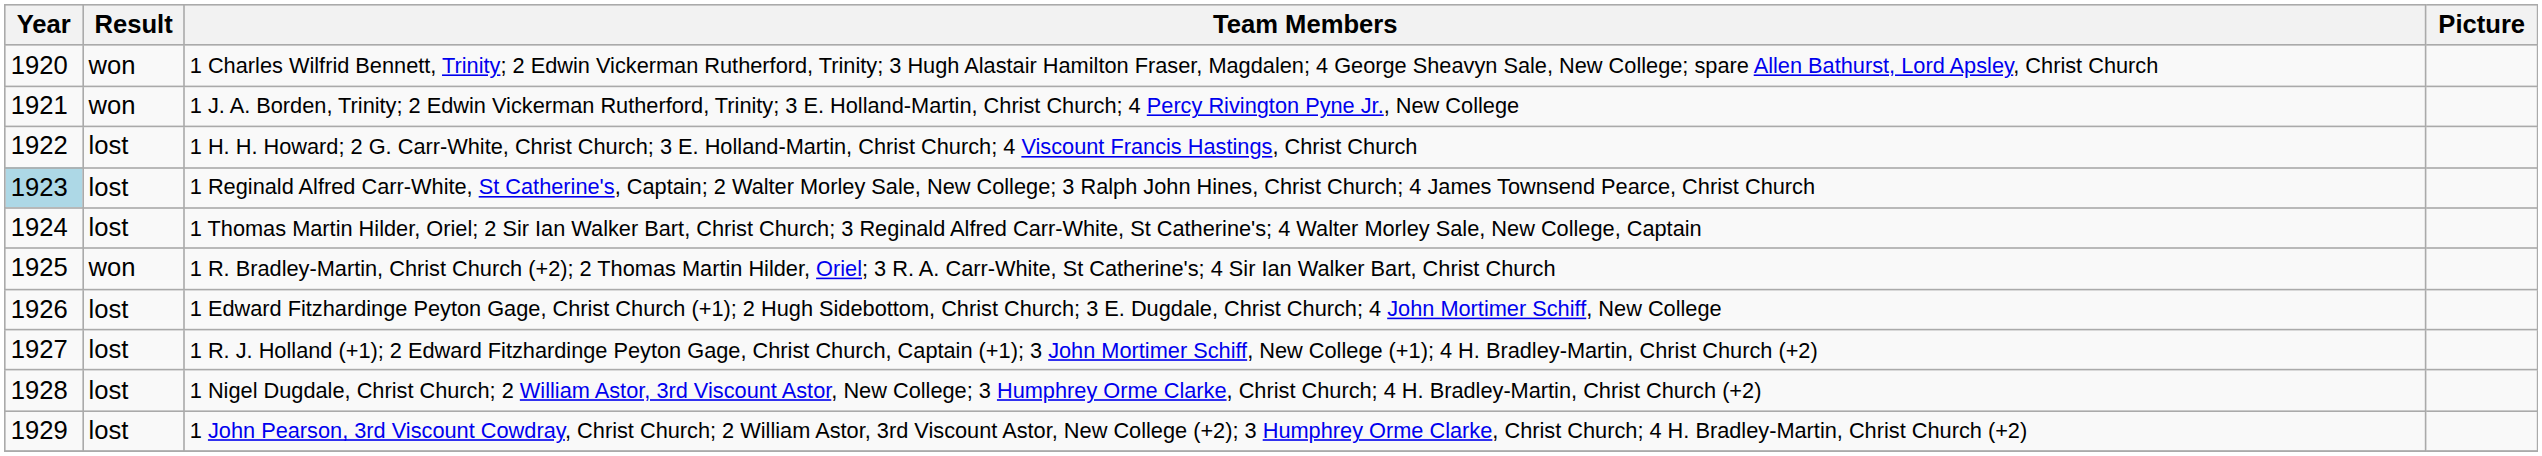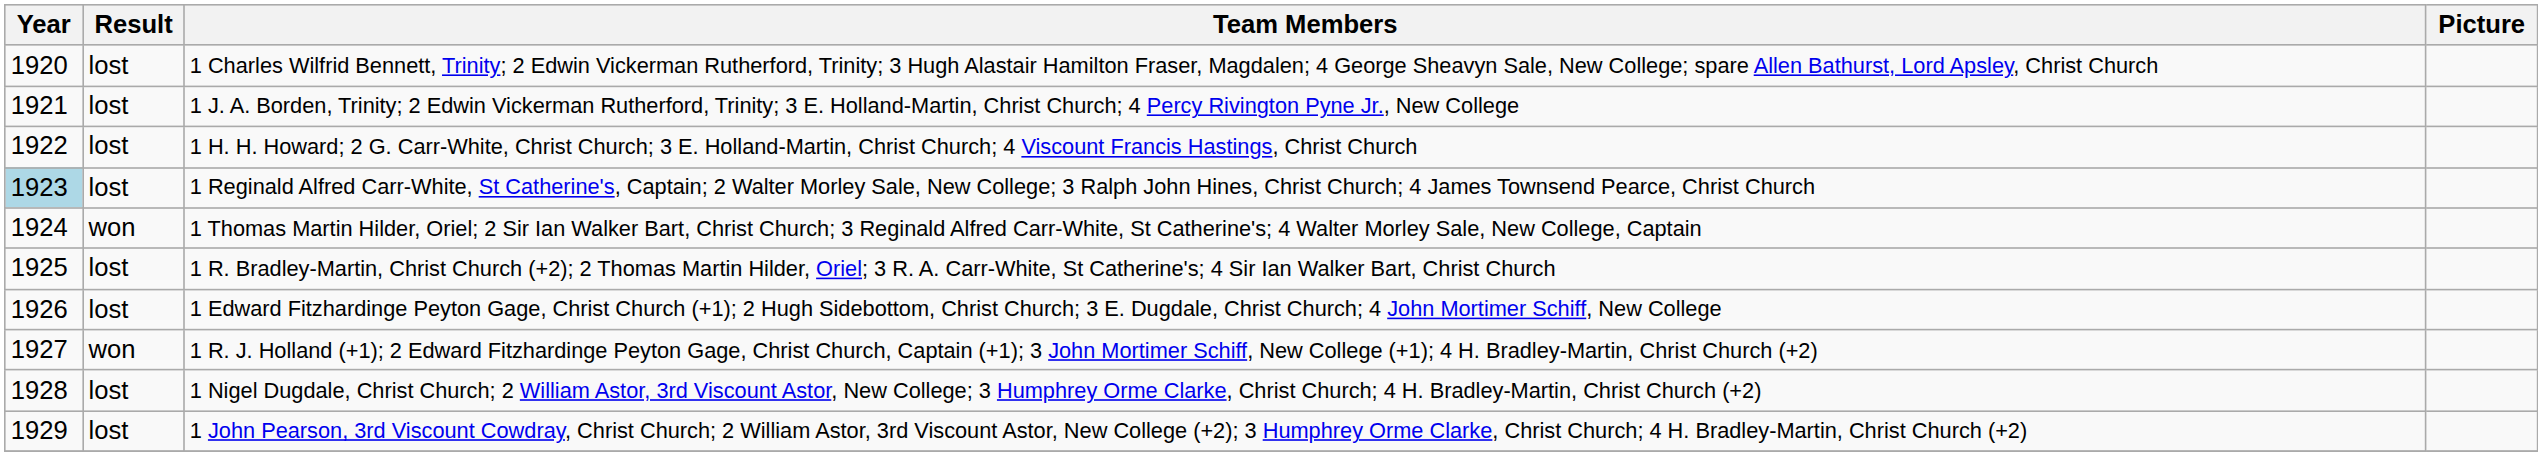 <table class="wikitable" width="100%">
 <tr>
 <th>Year</th>
 <th>Result</th>
 <th>Team Members</th>
 <th>Picture</th>
 </tr>
 <tr>
 <td>1920</td>
-<td>won</td>
+<td>lost</td>
 <td style="font-size:85%">1 Charles Wilfrid Bennett, <a href='#'>Trinity</a>; 2 Edwin Vickerman Rutherford, Trinity; 3 Hugh Alastair Hamilton Fraser, Magdalen; 4 George Sheavyn Sale, New College; spare <a href='#'>Allen Bathurst, Lord Apsley</a>, Christ Church</td>
 <td></td>
 </tr>
 <tr>
 <td>1921</td>
-<td>won</td>
+<td>lost</td>
 <td style="font-size:85%">1 J. A. Borden, Trinity; 2 Edwin Vickerman Rutherford, Trinity; 3 E. Holland-Martin, Christ Church; 4 <a href='#'>Percy Rivington Pyne Jr.</a>, New College</td>
 <td></td>
 </tr>
 <tr>
 <td>1922</td>
 <td>lost</td>
 <td style="font-size:85%">1 H. H. Howard; 2 G. Carr-White, Christ Church; 3 E. Holland-Martin, Christ Church; 4 <a href='#'>Viscount Francis Hastings</a>, Christ Church</td>
 <td><br></td>
 </tr>
 <tr>
 <td style="background: lightblue;">1923</td>
 <td>lost</td>
 <td style="font-size:85%">1 Reginald Alfred Carr-White, <a href='#'>St Catherine's</a>, Captain; 2 Walter Morley Sale, New College; 3 Ralph John Hines, Christ Church; 4 James Townsend Pearce, Christ Church</td>
 <td></td>
 </tr>
 <tr>
 <td>1924</td>
-<td>lost</td>
+<td>won</td>
 <td style="font-size:85%">1 Thomas Martin Hilder, Oriel; 2 Sir Ian Walker Bart, Christ Church; 3 Reginald Alfred Carr-White, St Catherine's; 4 Walter Morley Sale, New College, Captain</td>
 <td></td>
 </tr>
 <tr>
 <td>1925</td>
-<td>won</td>
+<td>lost</td>
 <td style="font-size:85%">1 R. Bradley-Martin, Christ Church (+2); 2 Thomas Martin Hilder, <a href='#'>Oriel</a>; 3 R. A. Carr-White, St Catherine's; 4 Sir Ian Walker Bart, Christ Church</td>
 <td><br> </td>
 </tr>
 <tr>
 <td>1926</td>
 <td>lost</td>
 <td style="font-size:85%">1 Edward Fitzhardinge Peyton Gage, Christ Church (+1); 2 Hugh Sidebottom, Christ Church; 3 E. Dugdale, Christ Church; 4 <a href='#'>John Mortimer Schiff</a>, New College</td>
 <td></td>
 </tr>
 <tr>
 <td>1927</td>
-<td>lost</td>
+<td>won</td>
 <td style="font-size:85%">1 R. J. Holland (+1); 2 Edward Fitzhardinge Peyton Gage, Christ Church, Captain (+1); 3 <a href='#'>John Mortimer Schiff</a>, New College (+1); 4 H. Bradley-Martin, Christ Church (+2)</td>
 <td></td>
 </tr>
 <tr>
 <td>1928</td>
 <td>lost</td>
 <td style="font-size:85%">1 Nigel Dugdale, Christ Church; 2 <a href='#'>William Astor, 3rd Viscount Astor</a>, New College; 3 <a href='#'>Humphrey Orme Clarke</a>, Christ Church; 4 H. Bradley-Martin, Christ Church (+2)</td>
 <td></td>
 </tr>
 <tr>
 <td>1929</td>
 <td>lost</td>
 <td style="font-size:85%">1 <a href='#'>John Pearson, 3rd Viscount Cowdray</a>, Christ Church; 2 William Astor, 3rd Viscount Astor, New College (+2); 3 <a href='#'>Humphrey Orme Clarke</a>, Christ Church; 4 H. Bradley-Martin, Christ Church (+2)</td>
 <td></td>
 </tr>
 <tr>
 </tr>
 </table>
